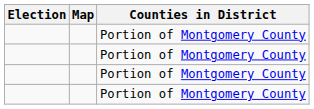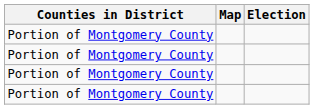 <table class="wikitable">
 <tr>
+<th>Counties in District</th>
+<th>Map</th>
 <th>Election</th>
-<th>Map</th>
-<th>Counties in District</th>
 </tr>
 <tr>
+<td>Portion of <a href='#'>Montgomery County</a></td>
 <td></td>
 <td></td>
-<td>Portion of <a href='#'>Montgomery County</a></td>
 </tr>
 <tr>
+<td>Portion of <a href='#'>Montgomery County</a></td>
 <td></td>
 <td></td>
-<td>Portion of <a href='#'>Montgomery County</a></td>
 </tr>
 <tr>
+<td>Portion of <a href='#'>Montgomery County</a></td>
 <td></td>
 <td></td>
-<td>Portion of <a href='#'>Montgomery County</a></td>
 </tr>
 <tr>
+<td>Portion of <a href='#'>Montgomery County</a></td>
 <td></td>
 <td></td>
-<td>Portion of <a href='#'>Montgomery County</a></td>
 </tr>
 </table>
